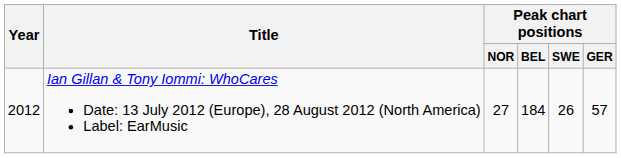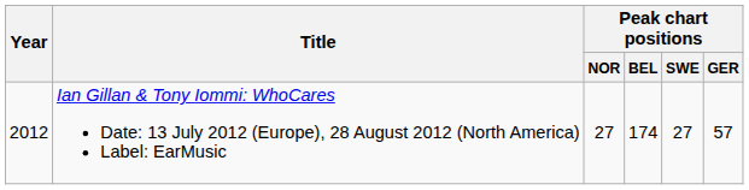 <table class=wikitable style=text-align:center;>
 <tr>
 <th rowspan=2>Year</th>
 <th rowspan=2>Title</th>
 <th colspan=4>Peak chart positions</th>
 </tr>
 <tr style="vertical-align:top;line-height:1.2">
 <th width=25px><small>NOR</small><br></th>
 <th width=25px><small>BEL</small><br></th>
 <th width=25px><small>SWE</small><br></th>
 <th width=25px><small>GER</small><br></th>
 </tr>
 <tr>
 <td>2012</td>
 <td align=left><em><a href='#'>Ian Gillan & Tony Iommi: WhoCares</a></em><br><ul><li>Date: 13 July 2012 (Europe), 28 August 2012 (North America)</li><li>Label: EarMusic</li></ul></td>
 <td>27</td>
-<td>184</td>
-<td>26</td>
+<td>174</td>
+<td>27</td>
 <td>57</td>
 </tr>
 </table>
